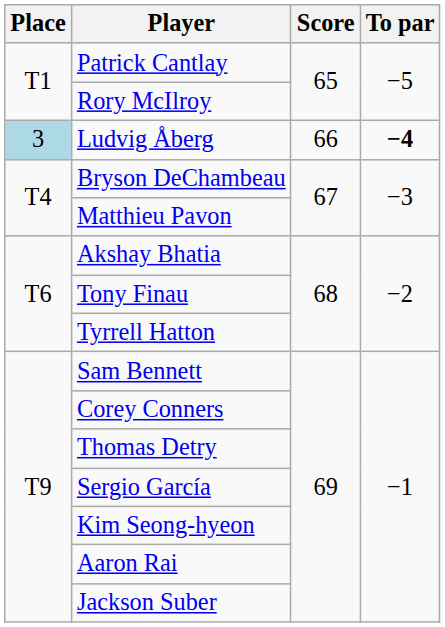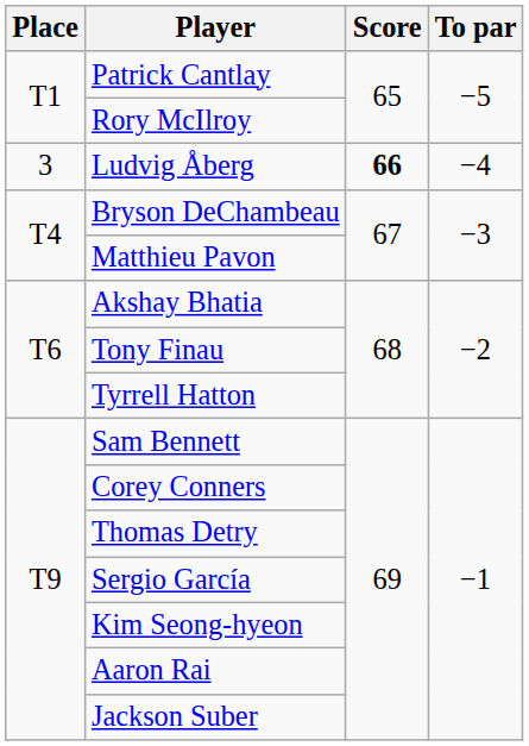 <table class="wikitable">
 <tr>
 <th>Place</th>
 <th>Player</th>
 <th>Score</th>
 <th>To par</th>
 </tr>
 <tr>
 <td rowspan=2 align=center>T1</td>
 <td> <a href='#'>Patrick Cantlay</a></td>
 <td rowspan=2  align=center>65</td>
 <td rowspan=2  align=center>−5</td>
 </tr>
 <tr>
 <td> <a href='#'>Rory McIlroy</a></td>
 </tr>
 <tr>
-<td align=center style="background: lightblue;">3</td>
+<td align=center>3</td>
 <td> <a href='#'>Ludvig Åberg</a></td>
-<td align=center>66</td>
-<td align=center><strong>−4</strong></td>
+<td align=center><strong>66</strong></td>
+<td align=center>−4</td>
 </tr>
 <tr>
 <td rowspan=2 align=center>T4</td>
 <td> <a href='#'>Bryson DeChambeau</a></td>
 <td rowspan=2  align=center>67</td>
 <td rowspan=2  align=center>−3</td>
 </tr>
 <tr>
 <td> <a href='#'>Matthieu Pavon</a></td>
 </tr>
 <tr>
 <td rowspan=3 align=center>T6</td>
 <td> <a href='#'>Akshay Bhatia</a></td>
 <td rowspan=3  align=center>68</td>
 <td rowspan=3  align=center>−2</td>
 </tr>
 <tr>
 <td> <a href='#'>Tony Finau</a></td>
 </tr>
 <tr>
 <td> <a href='#'>Tyrrell Hatton</a></td>
 </tr>
 <tr>
 <td rowspan=7 align=center>T9</td>
 <td> <a href='#'>Sam Bennett</a></td>
 <td rowspan=7  align=center>69</td>
 <td rowspan=7  align=center>−1</td>
 </tr>
 <tr>
 <td> <a href='#'>Corey Conners</a></td>
 </tr>
 <tr>
 <td> <a href='#'>Thomas Detry</a></td>
 </tr>
 <tr>
 <td> <a href='#'>Sergio García</a></td>
 </tr>
 <tr>
 <td> <a href='#'>Kim Seong-hyeon</a></td>
 </tr>
 <tr>
 <td> <a href='#'>Aaron Rai</a></td>
 </tr>
 <tr>
 <td> <a href='#'>Jackson Suber</a></td>
 </tr>
 </table>
